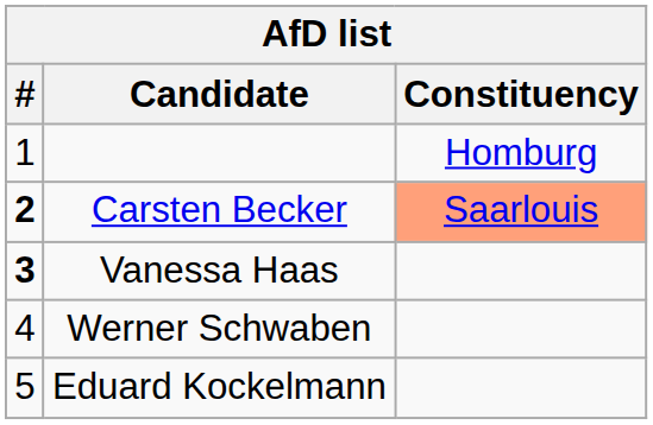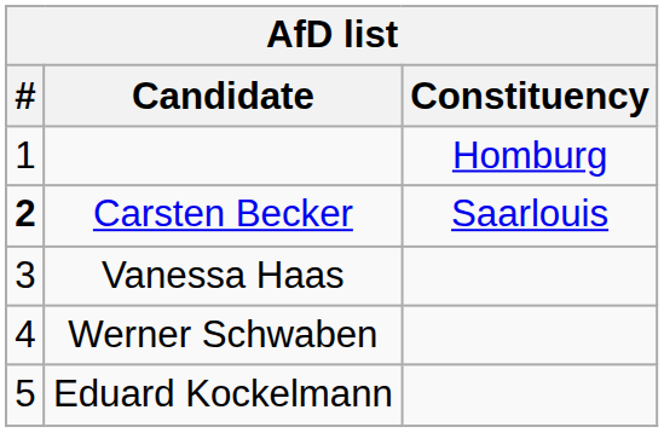 <table class="wikitable mw-collapsible mw-collapsed" style="text-align:center">
 <tr>
 <th colspan=3>AfD list</th>
 </tr>
 <tr>
 <th>#</th>
 <th>Candidate</th>
 <th>Constituency</th>
 </tr>
 <tr>
 <td>1</td>
 <td></td>
 <td><a href='#'>Homburg</a></td>
 </tr>
 <tr>
 <td><strong>2</strong></td>
 <td><a href='#'>Carsten Becker</a></td>
-<td style="background: lightsalmon;"><a href='#'>Saarlouis</a></td>
+<td><a href='#'>Saarlouis</a></td>
 </tr>
 <tr>
-<td><strong>3</strong></td>
+<td>3</td>
 <td>Vanessa Haas</td>
 <td></td>
 </tr>
 <tr>
 <td>4</td>
 <td>Werner Schwaben</td>
 <td></td>
 </tr>
 <tr>
 <td>5</td>
 <td>Eduard Kockelmann</td>
 <td></td>
 </tr>
 </table>
